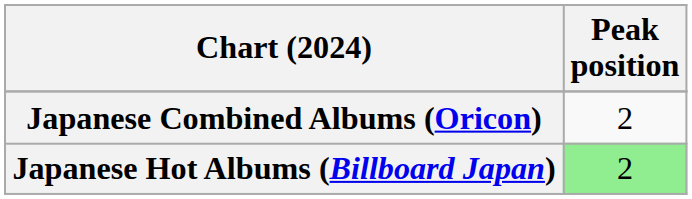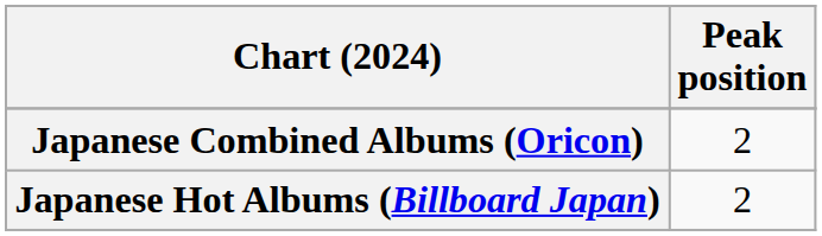 <table class="wikitable sortable plainrowheaders" style="text-align:center">
 <tr>
 <th scope="col">Chart (2024)</th>
 <th scope="col">Peak<br>position</th>
 </tr>
 <tr>
 </tr>
 <tr>
 <th scope="row">Japanese Combined Albums (<a href='#'>Oricon</a>)</th>
 <td>2</td>
 </tr>
 <tr>
 <th scope="row">Japanese Hot Albums (<em><a href='#'>Billboard Japan</a></em>)</th>
-<td style="background: lightgreen;">2</td>
+<td>2</td>
 </tr>
 </table>
